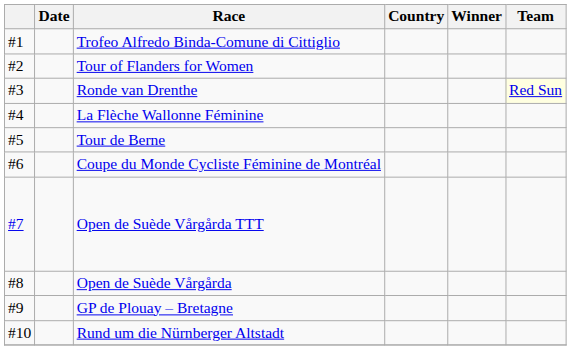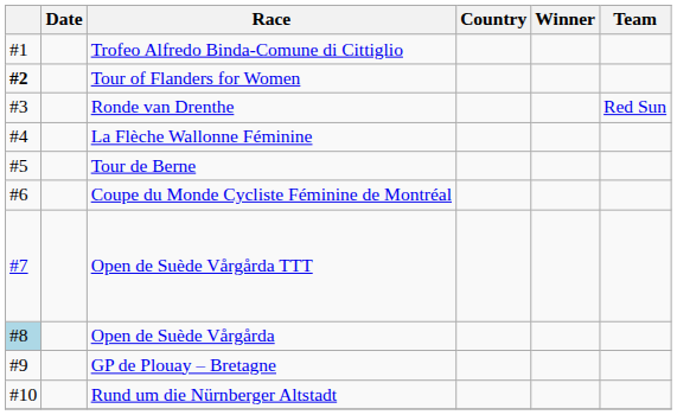 <table class="wikitable sortable">
 <tr>
 <th></th>
 <th>Date</th>
 <th>Race</th>
 <th>Country</th>
 <th>Winner</th>
 <th>Team</th>
 </tr>
 <tr>
 <td>#1</td>
 <td></td>
 <td><a href='#'>Trofeo Alfredo Binda-Comune di Cittiglio</a></td>
 <td></td>
 <td></td>
 <td></td>
 </tr>
 <tr>
-<td>#2</td>
+<td><strong>#2</strong></td>
 <td></td>
 <td><a href='#'>Tour of Flanders for Women</a></td>
 <td></td>
 <td></td>
 <td></td>
 </tr>
 <tr>
 <td>#3</td>
 <td></td>
 <td><a href='#'>Ronde van Drenthe</a></td>
 <td></td>
 <td></td>
-<td style="background: lightyellow;"><a href='#'>Red Sun</a></td>
+<td><a href='#'>Red Sun</a></td>
 </tr>
 <tr>
 <td>#4</td>
 <td></td>
 <td><a href='#'>La Flèche Wallonne Féminine</a></td>
 <td></td>
 <td></td>
 <td></td>
 </tr>
 <tr>
 <td>#5</td>
 <td></td>
 <td><a href='#'>Tour de Berne</a></td>
 <td></td>
 <td></td>
 <td></td>
 </tr>
 <tr>
 <td>#6</td>
 <td></td>
 <td><a href='#'>Coupe du Monde Cycliste Féminine de Montréal</a></td>
 <td></td>
 <td></td>
 <td></td>
 </tr>
 <tr>
 <td><a href='#'>#7</a></td>
 <td></td>
 <td><a href='#'>Open de Suède Vårgårda TTT</a></td>
 <td></td>
 <td><br> <br> <br> <br> <br></td>
 <td></td>
 </tr>
 <tr>
-<td>#8</td>
+<td style="background: lightblue;">#8</td>
 <td></td>
 <td><a href='#'>Open de Suède Vårgårda</a></td>
 <td></td>
 <td></td>
 <td></td>
 </tr>
 <tr>
 <td>#9</td>
 <td></td>
 <td><a href='#'>GP de Plouay – Bretagne</a></td>
 <td></td>
 <td></td>
 <td></td>
 </tr>
 <tr>
 <td>#10</td>
 <td></td>
 <td><a href='#'>Rund um die Nürnberger Altstadt</a></td>
 <td></td>
 <td></td>
 <td></td>
 </tr>
 <tr>
 </tr>
 </table>
